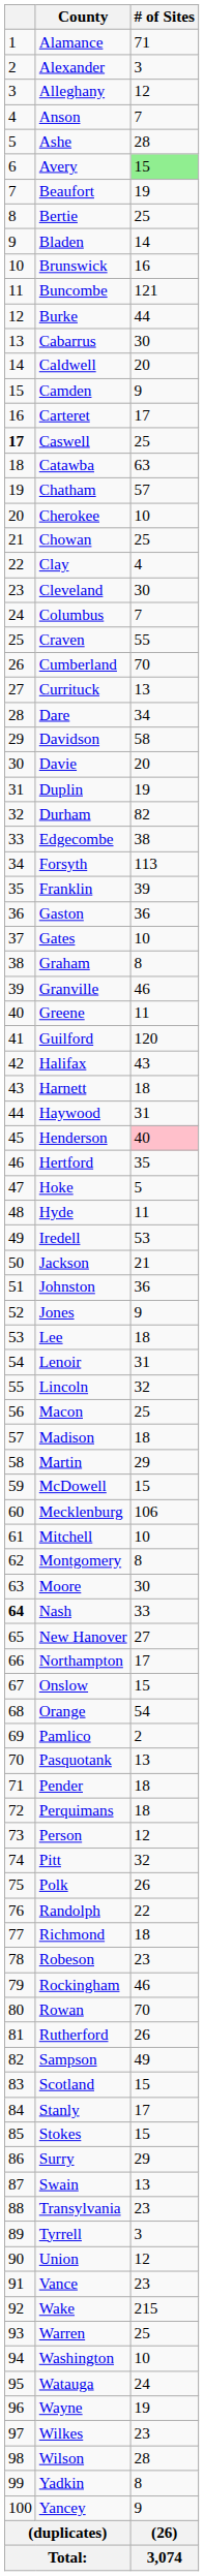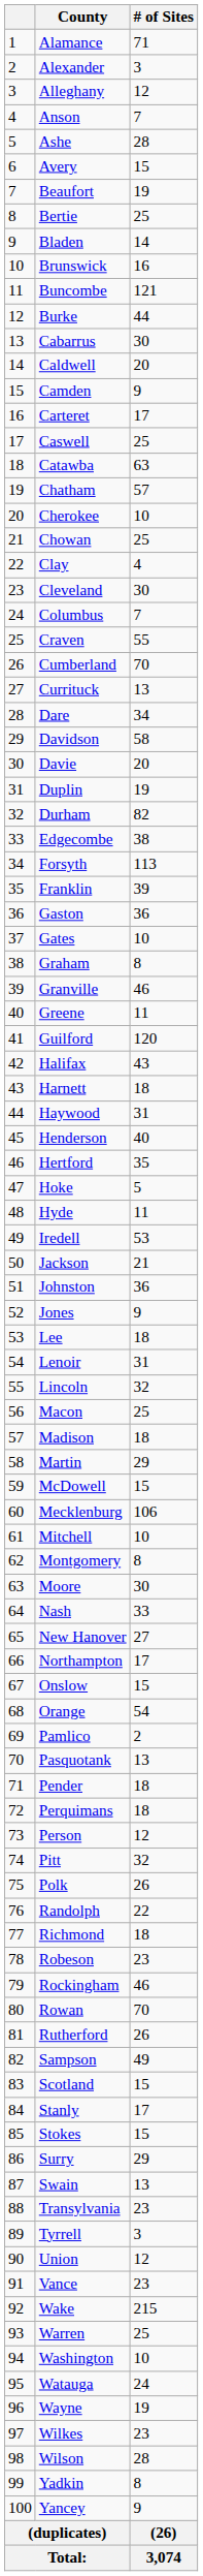 <table class="wikitable sortable">
 <tr>
 <th></th>
 <th><strong>County</strong></th>
 <th><strong># of Sites</strong></th>
 </tr>
 <tr>
 <td>1</td>
 <td><a href='#'>Alamance</a></td>
 <td>71</td>
 </tr>
 <tr>
 <td>2</td>
 <td><a href='#'>Alexander</a></td>
 <td>3</td>
 </tr>
 <tr>
 <td>3</td>
 <td><a href='#'>Alleghany</a></td>
 <td>12</td>
 </tr>
 <tr>
 <td>4</td>
 <td><a href='#'>Anson</a></td>
 <td>7</td>
 </tr>
 <tr>
 <td>5</td>
 <td><a href='#'>Ashe</a></td>
 <td>28</td>
 </tr>
 <tr>
 <td>6</td>
 <td><a href='#'>Avery</a></td>
-<td style="background: lightgreen;">15</td>
+<td>15</td>
 </tr>
 <tr>
 <td>7</td>
 <td><a href='#'>Beaufort</a></td>
 <td>19</td>
 </tr>
 <tr>
 <td>8</td>
 <td><a href='#'>Bertie</a></td>
 <td>25</td>
 </tr>
 <tr>
 <td>9</td>
 <td><a href='#'>Bladen</a></td>
 <td>14</td>
 </tr>
 <tr>
 <td>10</td>
 <td><a href='#'>Brunswick</a></td>
 <td>16</td>
 </tr>
 <tr>
 <td>11</td>
 <td><a href='#'>Buncombe</a></td>
 <td>121</td>
 </tr>
 <tr>
 <td>12</td>
 <td><a href='#'>Burke</a></td>
 <td>44</td>
 </tr>
 <tr>
 <td>13</td>
 <td><a href='#'>Cabarrus</a></td>
 <td>30</td>
 </tr>
 <tr>
 <td>14</td>
 <td><a href='#'>Caldwell</a></td>
 <td>20</td>
 </tr>
 <tr>
 <td>15</td>
 <td><a href='#'>Camden</a></td>
 <td>9</td>
 </tr>
 <tr>
 <td>16</td>
 <td><a href='#'>Carteret</a></td>
 <td>17</td>
 </tr>
 <tr>
-<td><strong>17</strong></td>
+<td>17</td>
 <td><a href='#'>Caswell</a></td>
 <td>25</td>
 </tr>
 <tr>
 <td>18</td>
 <td><a href='#'>Catawba</a></td>
 <td>63</td>
 </tr>
 <tr>
 <td>19</td>
 <td><a href='#'>Chatham</a></td>
 <td>57</td>
 </tr>
 <tr>
 <td>20</td>
 <td><a href='#'>Cherokee</a></td>
 <td>10</td>
 </tr>
 <tr>
 <td>21</td>
 <td><a href='#'>Chowan</a></td>
 <td>25</td>
 </tr>
 <tr>
 <td>22</td>
 <td><a href='#'>Clay</a></td>
 <td>4</td>
 </tr>
 <tr>
 <td>23</td>
 <td><a href='#'>Cleveland</a></td>
 <td>30</td>
 </tr>
 <tr>
 <td>24</td>
 <td><a href='#'>Columbus</a></td>
 <td>7</td>
 </tr>
 <tr>
 <td>25</td>
 <td><a href='#'>Craven</a></td>
 <td>55</td>
 </tr>
 <tr>
 <td>26</td>
 <td><a href='#'>Cumberland</a></td>
 <td>70</td>
 </tr>
 <tr>
 <td>27</td>
 <td><a href='#'>Currituck</a></td>
 <td>13</td>
 </tr>
 <tr>
 <td>28</td>
 <td><a href='#'>Dare</a></td>
 <td>34</td>
 </tr>
 <tr>
 <td>29</td>
 <td><a href='#'>Davidson</a></td>
 <td>58</td>
 </tr>
 <tr>
 <td>30</td>
 <td><a href='#'>Davie</a></td>
 <td>20</td>
 </tr>
 <tr>
 <td>31</td>
 <td><a href='#'>Duplin</a></td>
 <td>19</td>
 </tr>
 <tr>
 <td>32</td>
 <td><a href='#'>Durham</a></td>
 <td>82</td>
 </tr>
 <tr>
 <td>33</td>
 <td><a href='#'>Edgecombe</a></td>
 <td>38</td>
 </tr>
 <tr>
 <td>34</td>
 <td><a href='#'>Forsyth</a></td>
 <td>113</td>
 </tr>
 <tr>
 <td>35</td>
 <td><a href='#'>Franklin</a></td>
 <td>39</td>
 </tr>
 <tr>
 <td>36</td>
 <td><a href='#'>Gaston</a></td>
 <td>36</td>
 </tr>
 <tr>
 <td>37</td>
 <td><a href='#'>Gates</a></td>
 <td>10</td>
 </tr>
 <tr>
 <td>38</td>
 <td><a href='#'>Graham</a></td>
 <td>8</td>
 </tr>
 <tr>
 <td>39</td>
 <td><a href='#'>Granville</a></td>
 <td>46</td>
 </tr>
 <tr>
 <td>40</td>
 <td><a href='#'>Greene</a></td>
 <td>11</td>
 </tr>
 <tr>
 <td>41</td>
 <td><a href='#'>Guilford</a></td>
 <td>120</td>
 </tr>
 <tr>
 <td>42</td>
 <td><a href='#'>Halifax</a></td>
 <td>43</td>
 </tr>
 <tr>
 <td>43</td>
 <td><a href='#'>Harnett</a></td>
 <td>18</td>
 </tr>
 <tr>
 <td>44</td>
 <td><a href='#'>Haywood</a></td>
 <td>31</td>
 </tr>
 <tr>
 <td>45</td>
 <td><a href='#'>Henderson</a></td>
-<td style="background: pink;">40</td>
+<td>40</td>
 </tr>
 <tr>
 <td>46</td>
 <td><a href='#'>Hertford</a></td>
 <td>35</td>
 </tr>
 <tr>
 <td>47</td>
 <td><a href='#'>Hoke</a></td>
 <td>5</td>
 </tr>
 <tr>
 <td>48</td>
 <td><a href='#'>Hyde</a></td>
 <td>11</td>
 </tr>
 <tr>
 <td>49</td>
 <td><a href='#'>Iredell</a></td>
 <td>53</td>
 </tr>
 <tr>
 <td>50</td>
 <td><a href='#'>Jackson</a></td>
 <td>21</td>
 </tr>
 <tr>
 <td>51</td>
 <td><a href='#'>Johnston</a></td>
 <td>36</td>
 </tr>
 <tr>
 <td>52</td>
 <td><a href='#'>Jones</a></td>
 <td>9</td>
 </tr>
 <tr>
 <td>53</td>
 <td><a href='#'>Lee</a></td>
 <td>18</td>
 </tr>
 <tr>
 <td>54</td>
 <td><a href='#'>Lenoir</a></td>
 <td>31</td>
 </tr>
 <tr>
 <td>55</td>
 <td><a href='#'>Lincoln</a></td>
 <td>32</td>
 </tr>
 <tr>
 <td>56</td>
 <td><a href='#'>Macon</a></td>
 <td>25</td>
 </tr>
 <tr>
 <td>57</td>
 <td><a href='#'>Madison</a></td>
 <td>18</td>
 </tr>
 <tr>
 <td>58</td>
 <td><a href='#'>Martin</a></td>
 <td>29</td>
 </tr>
 <tr>
 <td>59</td>
 <td><a href='#'>McDowell</a></td>
 <td>15</td>
 </tr>
 <tr>
 <td>60</td>
 <td><a href='#'>Mecklenburg</a></td>
 <td>106</td>
 </tr>
 <tr>
 <td>61</td>
 <td><a href='#'>Mitchell</a></td>
 <td>10</td>
 </tr>
 <tr>
 <td>62</td>
 <td><a href='#'>Montgomery</a></td>
 <td>8</td>
 </tr>
 <tr>
 <td>63</td>
 <td><a href='#'>Moore</a></td>
 <td>30</td>
 </tr>
 <tr>
-<td><strong>64</strong></td>
+<td>64</td>
 <td><a href='#'>Nash</a></td>
 <td>33</td>
 </tr>
 <tr>
 <td>65</td>
 <td><a href='#'>New Hanover</a></td>
 <td>27</td>
 </tr>
 <tr>
 <td>66</td>
 <td><a href='#'>Northampton</a></td>
 <td>17</td>
 </tr>
 <tr>
 <td>67</td>
 <td><a href='#'>Onslow</a></td>
 <td>15</td>
 </tr>
 <tr>
 <td>68</td>
 <td><a href='#'>Orange</a></td>
 <td>54</td>
 </tr>
 <tr>
 <td>69</td>
 <td><a href='#'>Pamlico</a></td>
 <td>2</td>
 </tr>
 <tr>
 <td>70</td>
 <td><a href='#'>Pasquotank</a></td>
 <td>13</td>
 </tr>
 <tr>
 <td>71</td>
 <td><a href='#'>Pender</a></td>
 <td>18</td>
 </tr>
 <tr>
 <td>72</td>
 <td><a href='#'>Perquimans</a></td>
 <td>18</td>
 </tr>
 <tr>
 <td>73</td>
 <td><a href='#'>Person</a></td>
 <td>12</td>
 </tr>
 <tr>
 <td>74</td>
 <td><a href='#'>Pitt</a></td>
 <td>32</td>
 </tr>
 <tr>
 <td>75</td>
 <td><a href='#'>Polk</a></td>
 <td>26</td>
 </tr>
 <tr>
 <td>76</td>
 <td><a href='#'>Randolph</a></td>
 <td>22</td>
 </tr>
 <tr>
 <td>77</td>
 <td><a href='#'>Richmond</a></td>
 <td>18</td>
 </tr>
 <tr>
 <td>78</td>
 <td><a href='#'>Robeson</a></td>
 <td>23</td>
 </tr>
 <tr>
 <td>79</td>
 <td><a href='#'>Rockingham</a></td>
 <td>46</td>
 </tr>
 <tr>
 <td>80</td>
 <td><a href='#'>Rowan</a></td>
 <td>70</td>
 </tr>
 <tr>
 <td>81</td>
 <td><a href='#'>Rutherford</a></td>
 <td>26</td>
 </tr>
 <tr>
 <td>82</td>
 <td><a href='#'>Sampson</a></td>
 <td>49</td>
 </tr>
 <tr>
 <td>83</td>
 <td><a href='#'>Scotland</a></td>
 <td>15</td>
 </tr>
 <tr>
 <td>84</td>
 <td><a href='#'>Stanly</a></td>
 <td>17</td>
 </tr>
 <tr>
 <td>85</td>
 <td><a href='#'>Stokes</a></td>
 <td>15</td>
 </tr>
 <tr>
 <td>86</td>
 <td><a href='#'>Surry</a></td>
 <td>29</td>
 </tr>
 <tr>
 <td>87</td>
 <td><a href='#'>Swain</a></td>
 <td>13</td>
 </tr>
 <tr>
 <td>88</td>
 <td><a href='#'>Transylvania</a></td>
 <td>23</td>
 </tr>
 <tr>
 <td>89</td>
 <td><a href='#'>Tyrrell</a></td>
 <td>3</td>
 </tr>
 <tr>
 <td>90</td>
 <td><a href='#'>Union</a></td>
 <td>12</td>
 </tr>
 <tr>
 <td>91</td>
 <td><a href='#'>Vance</a></td>
 <td>23</td>
 </tr>
 <tr>
 <td>92</td>
 <td><a href='#'>Wake</a></td>
 <td>215</td>
 </tr>
 <tr>
 <td>93</td>
 <td><a href='#'>Warren</a></td>
 <td>25</td>
 </tr>
 <tr>
 <td>94</td>
 <td><a href='#'>Washington</a></td>
 <td>10</td>
 </tr>
 <tr>
 <td>95</td>
 <td><a href='#'>Watauga</a></td>
 <td>24</td>
 </tr>
 <tr>
 <td>96</td>
 <td><a href='#'>Wayne</a></td>
 <td>19</td>
 </tr>
 <tr>
 <td>97</td>
 <td><a href='#'>Wilkes</a></td>
 <td>23</td>
 </tr>
 <tr>
 <td>98</td>
 <td><a href='#'>Wilson</a></td>
 <td>28</td>
 </tr>
 <tr>
 <td>99</td>
 <td><a href='#'>Yadkin</a></td>
 <td>8</td>
 </tr>
 <tr>
 <td>100</td>
 <td><a href='#'>Yancey</a></td>
 <td>9</td>
 </tr>
 <tr class="sortbottom">
 <th colspan="2">(duplicates)</th>
 <th>(26)</th>
 </tr>
 <tr class="sortbottom">
 <th colspan="2">Total:</th>
 <th>3,074</th>
 </tr>
 </table>
